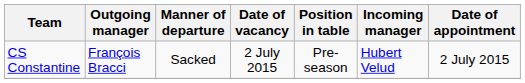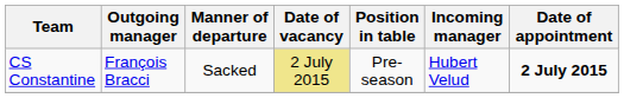 <table class="wikitable sortable">
 <tr>
 <th>Team</th>
 <th>Outgoing manager</th>
 <th>Manner of departure</th>
 <th>Date of vacancy</th>
 <th>Position in table</th>
 <th>Incoming manager</th>
 <th>Date of appointment</th>
 </tr>
 <tr>
 <td><a href='#'>CS Constantine</a></td>
 <td> <a href='#'>François Bracci</a></td>
 <td align=center>Sacked</td>
-<td align=center>2 July 2015</td>
+<td align=center style="background: khaki;">2 July 2015</td>
 <td align=center>Pre-season</td>
 <td> <a href='#'>Hubert Velud</a></td>
-<td align=center>2 July 2015</td>
+<td align=center><strong>2 July 2015</strong></td>
 </tr>
 <tr>
 </tr>
 </table>
